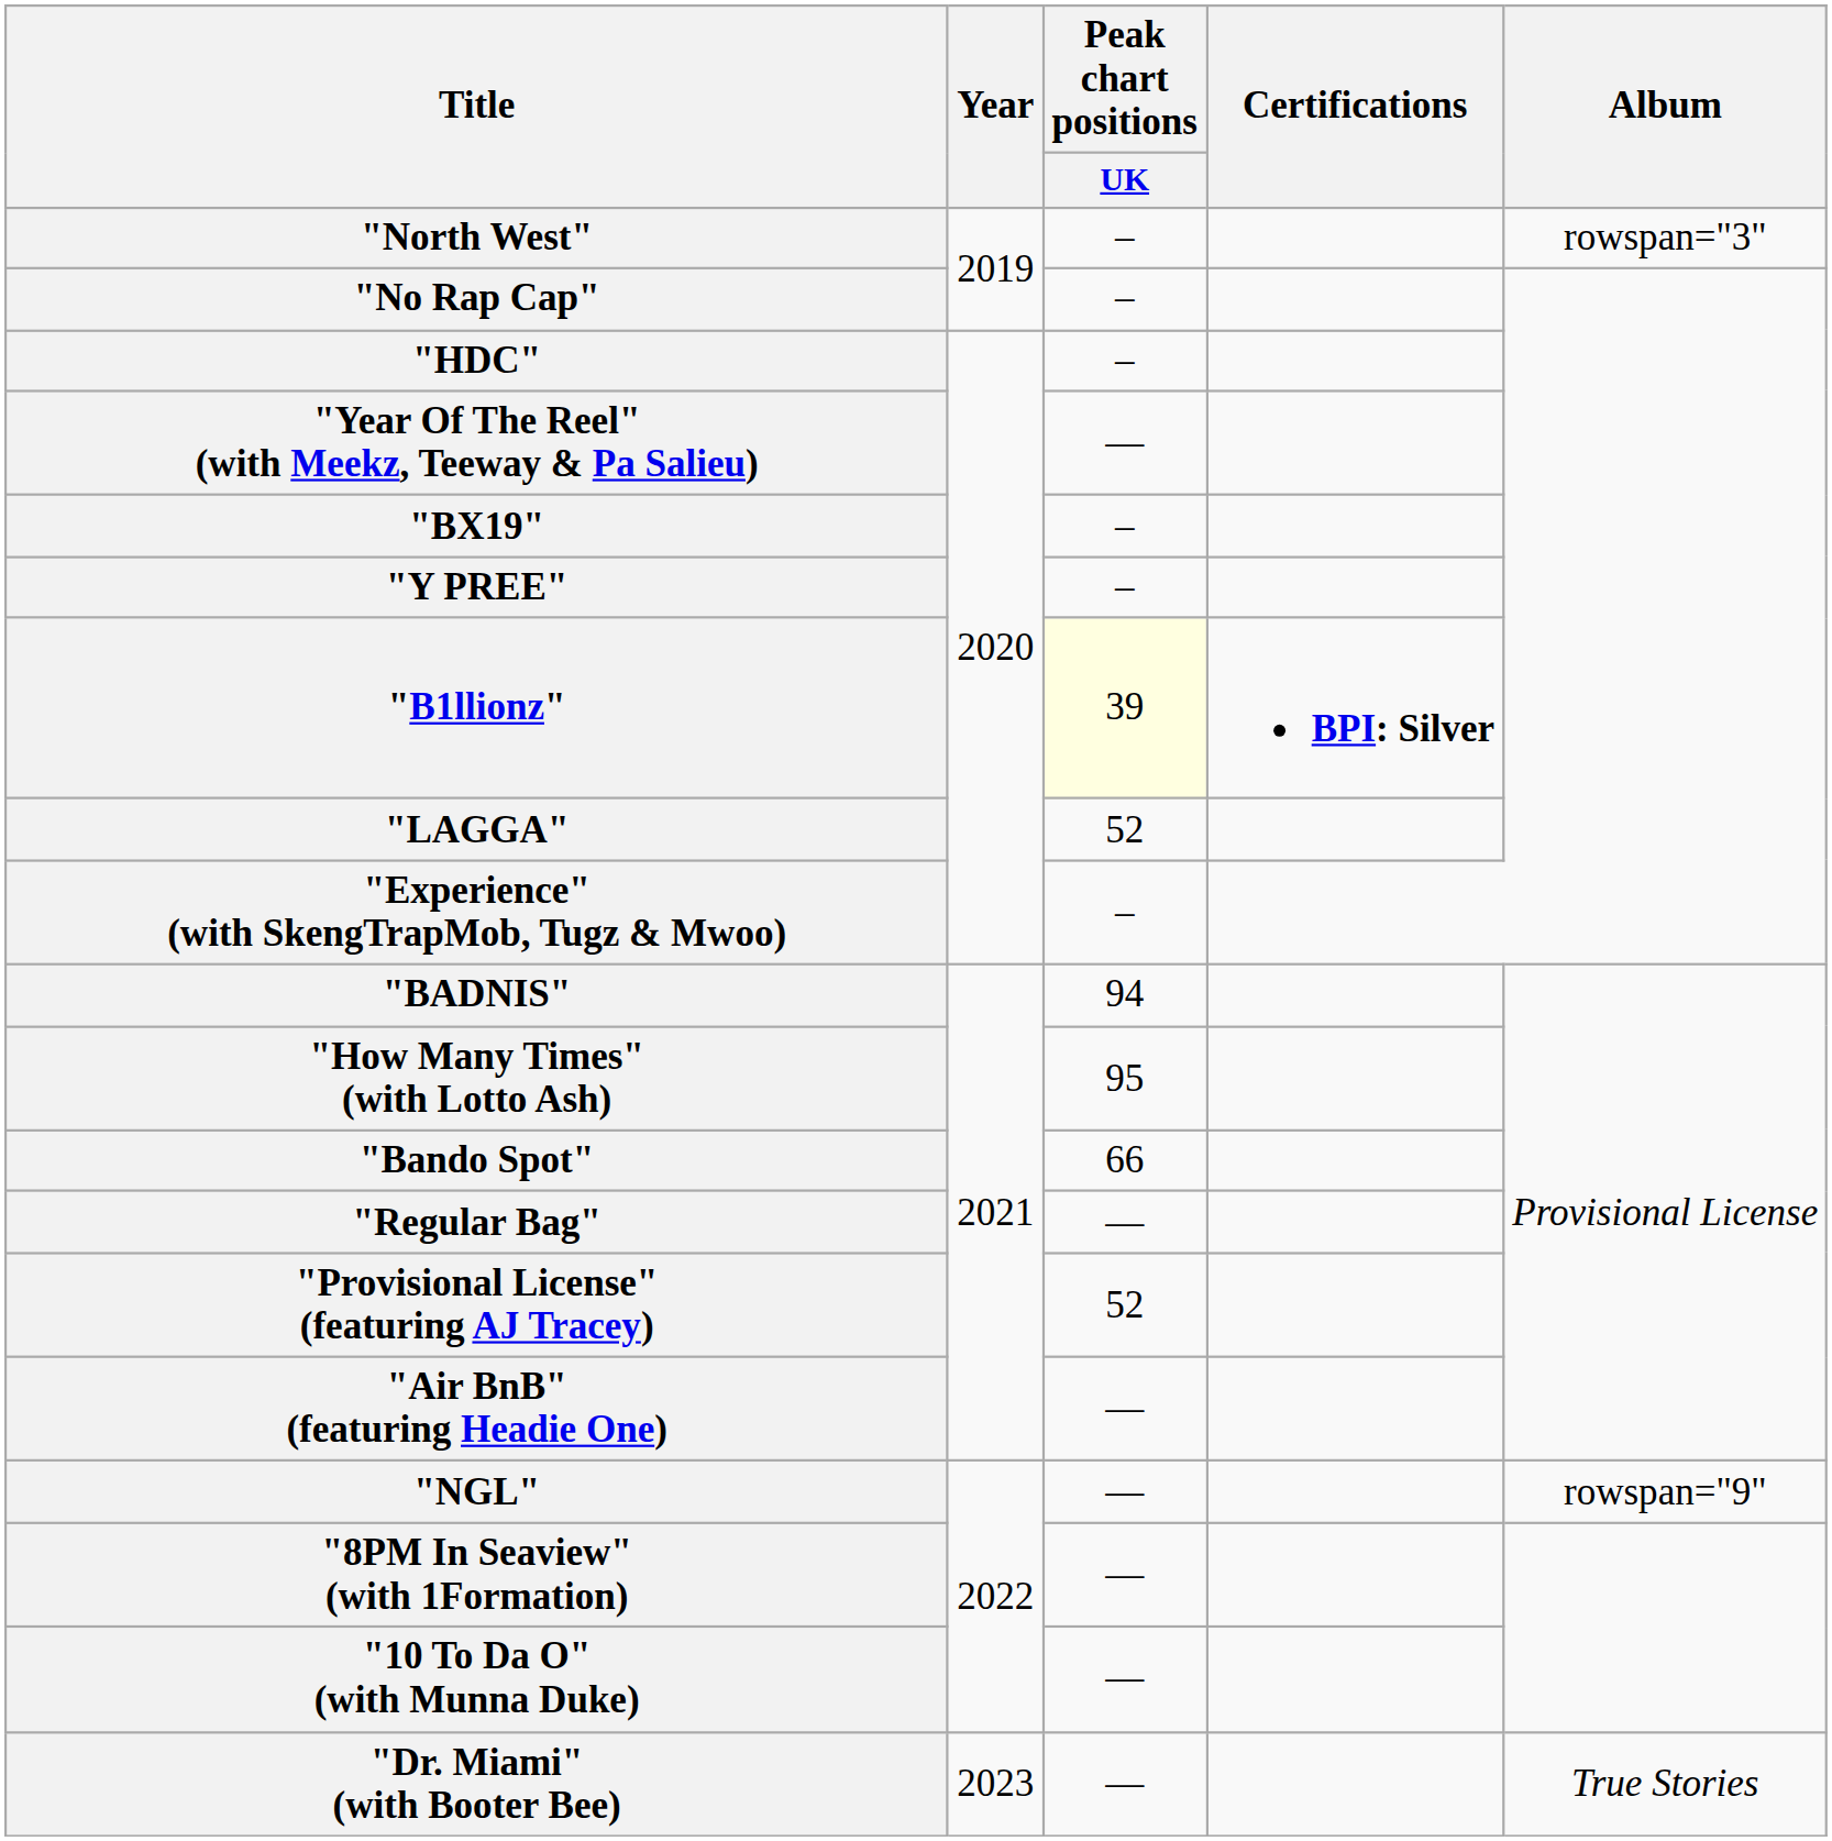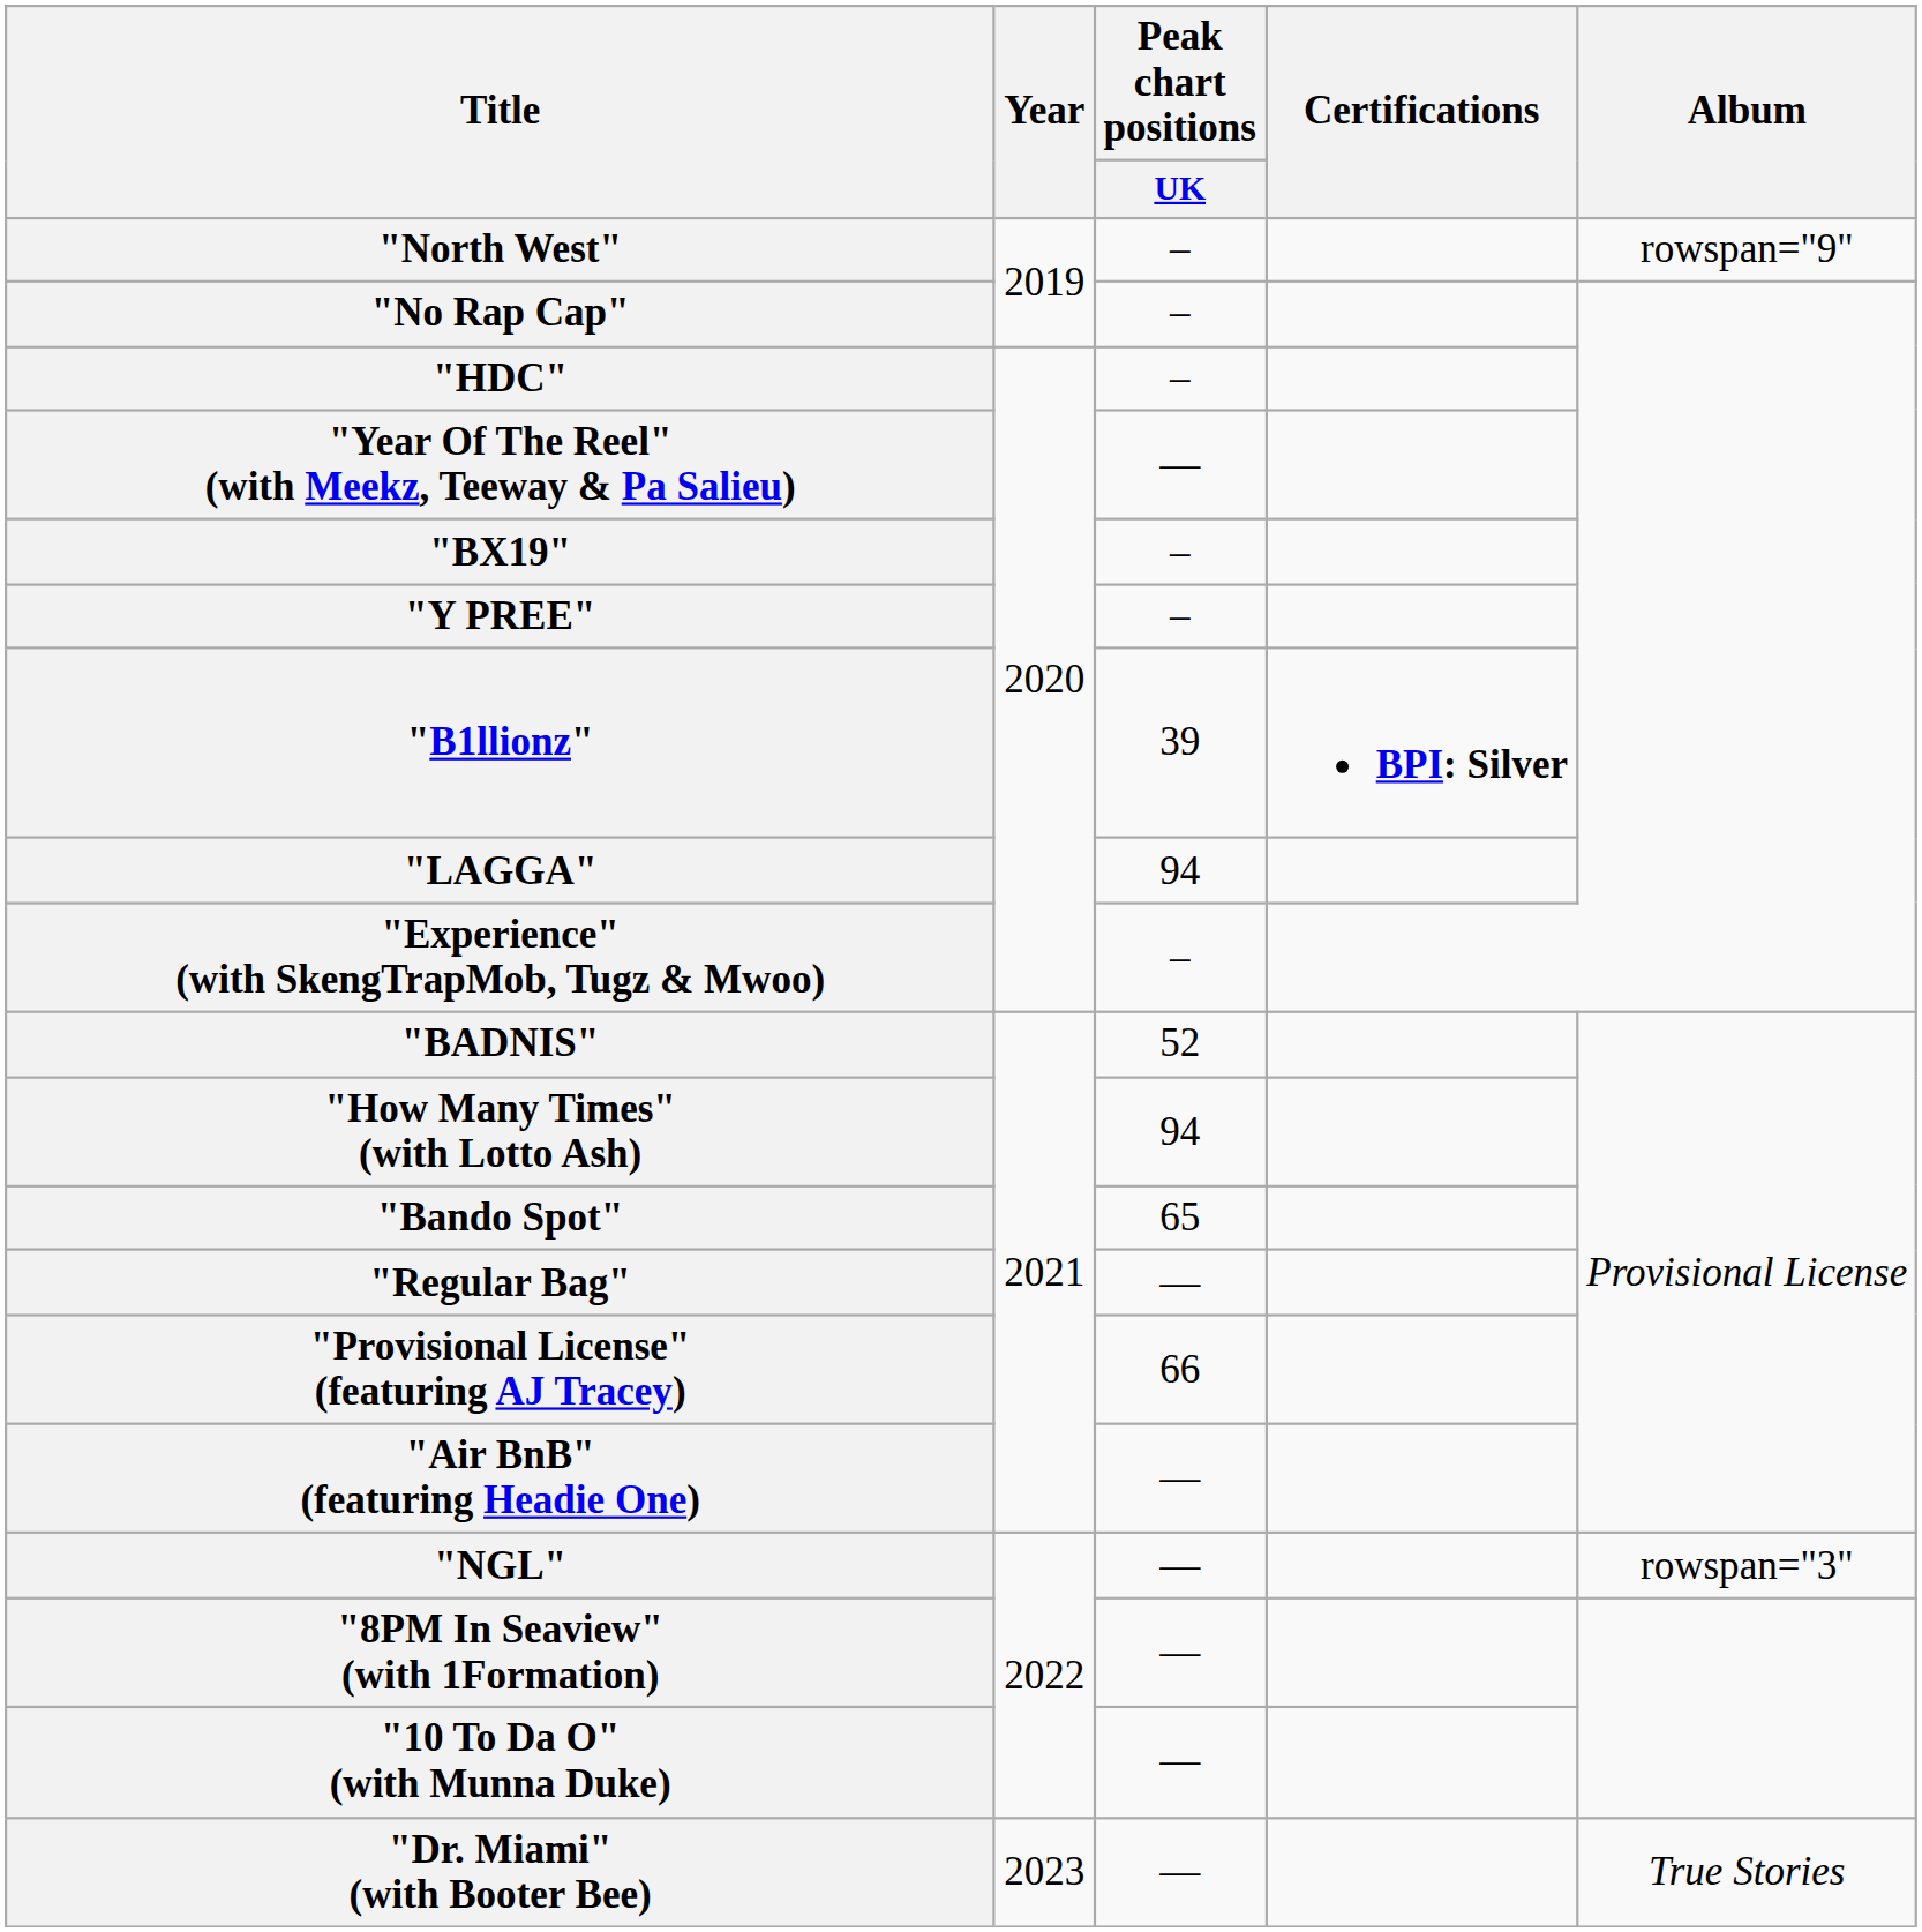 <table class="wikitable plainrowheaders" style="text-align:center;">
 <tr>
 <th scope="col" rowspan="2" style="width:24em;">Title</th>
 <th scope="col" rowspan="2" style="width:1em;">Year</th>
 <th scope="col" colspan="1">Peak chart positions</th>
 <th scope="col" rowspan="2">Certifications</th>
 <th scope="col" rowspan="2">Album</th>
 </tr>
 <tr>
 <th scope="col" style="width:3em;font-size:85%;"><a href='#'>UK</a><br></th>
 </tr>
 <tr>
 <th scope="row">"North West"</th>
 <td rowspan="2">2019</td>
 <td>–</td>
 <td></td>
-<td>rowspan="3" </td>
+<td>rowspan="9" </td>
 </tr>
 <tr>
 <th scope="row">"No Rap Cap"</th>
 <td>–</td>
 <td></td>
 </tr>
 <tr>
 <th scope="row">"HDC"</th>
 <td rowspan="7">2020</td>
 <td>–</td>
 <td></td>
 </tr>
 <tr>
 <th scope="row">"Year Of The Reel" <br><span>(with <a href='#'>Meekz</a>, Teeway & <a href='#'>Pa Salieu</a>)</span></th>
 <td>—</td>
 <td></td>
 </tr>
 <tr>
 <th scope="row">"BX19"</th>
 <td>–</td>
 <td></td>
 </tr>
 <tr>
 <th scope="row">"Y PREE"</th>
 <td>–</td>
 <td></td>
 </tr>
 <tr>
 <th scope="row">"<a href='#'>B1llionz</a>"</th>
-<td style="background: lightyellow;">39</td>
+<td>39</td>
 <td><strong><br><ul><li><a href='#'>BPI</a>: Silver</li></ul></strong></td>
 </tr>
 <tr>
 <th scope="row">"LAGGA"</th>
-<td>52</td>
+<td>94</td>
 <td></td>
 </tr>
 <tr>
 <th scope="row">"Experience"<br><span>(with SkengTrapMob, Tugz & Mwoo)</span></th>
 <td>–</td>
 </tr>
 <tr>
 <th scope="row">"BADNIS"</th>
 <td rowspan="6">2021</td>
-<td>94</td>
+<td>52</td>
 <td></td>
 <td rowspan="6"><em>Provisional License</em></td>
 </tr>
 <tr>
 <th scope="row">"How Many Times"<br><span>(with Lotto Ash)</span></th>
-<td>95</td>
+<td>94</td>
 <td></td>
 </tr>
 <tr>
 <th scope="row">"Bando Spot"</th>
-<td>66</td>
+<td>65</td>
 <td></td>
 </tr>
 <tr>
 <th scope="row">"Regular Bag"</th>
 <td>—</td>
 <td></td>
 </tr>
 <tr>
 <th scope="row">"Provisional License"<br><span>(featuring <a href='#'>AJ Tracey</a>)</span></th>
-<td>52</td>
+<td>66</td>
 <td></td>
 </tr>
 <tr>
 <th scope="row">"Air BnB" <br><span>(featuring <a href='#'>Headie One</a>)</span></th>
 <td>—</td>
 <td></td>
 </tr>
 <tr>
 <th scope="row">"NGL"</th>
 <td rowspan="3">2022</td>
 <td>—</td>
 <td></td>
-<td>rowspan="9" </td>
+<td>rowspan="3" </td>
 </tr>
 <tr>
 <th scope="row">"8PM In Seaview" <br><span>(with 1Formation)</span></th>
 <td>—</td>
 <td></td>
 </tr>
 <tr>
 <th scope="row">"10 To Da O" <br><span>(with Munna Duke)</span></th>
 <td>—</td>
 <td></td>
 </tr>
 <tr>
 <th scope="row">"Dr. Miami"<br><span>(with Booter Bee)</span></th>
 <td rowspan="3">2023</td>
 <td>—</td>
 <td></td>
 <td rowspan="3"><em>True Stories</em></td>
 </tr>
 </table>
